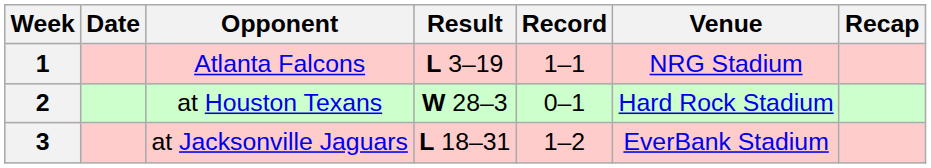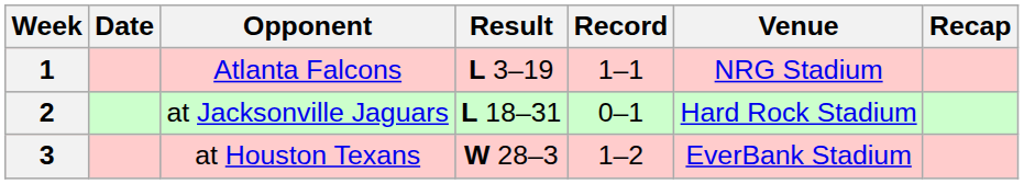 <table class="wikitable" style="text-align:center">
 <tr>
 <th scope="col">Week</th>
 <th scope="col">Date</th>
 <th scope="col">Opponent</th>
 <th scope="col">Result</th>
 <th scope="col">Record</th>
 <th scope="col">Venue</th>
 <th scope="col">Recap</th>
 </tr>
 <tr style="background:#fcc">
 <th scope="row">1</th>
 <td></td>
 <td><a href='#'>Atlanta Falcons</a></td>
 <td><strong>L</strong> 3–19</td>
 <td>1–1</td>
 <td><a href='#'>NRG Stadium</a></td>
 <td></td>
 </tr>
 <tr style="background:#cfc">
 <th scope="row">2</th>
 <td></td>
-<td>at <a href='#'>Houston Texans</a></td>
-<td><strong>W</strong> 28–3</td>
+<td>at <a href='#'>Jacksonville Jaguars</a></td>
+<td><strong>L</strong> 18–31</td>
 <td>0–1</td>
 <td><a href='#'>Hard Rock Stadium</a></td>
 <td></td>
 </tr>
 <tr style="background:#fcc">
 <th scope="row">3</th>
 <td></td>
-<td>at <a href='#'>Jacksonville Jaguars</a></td>
-<td><strong>L</strong> 18–31</td>
+<td>at <a href='#'>Houston Texans</a></td>
+<td><strong>W</strong> 28–3</td>
 <td>1–2</td>
 <td><a href='#'>EverBank Stadium</a></td>
 <td></td>
 </tr>
 </table>
